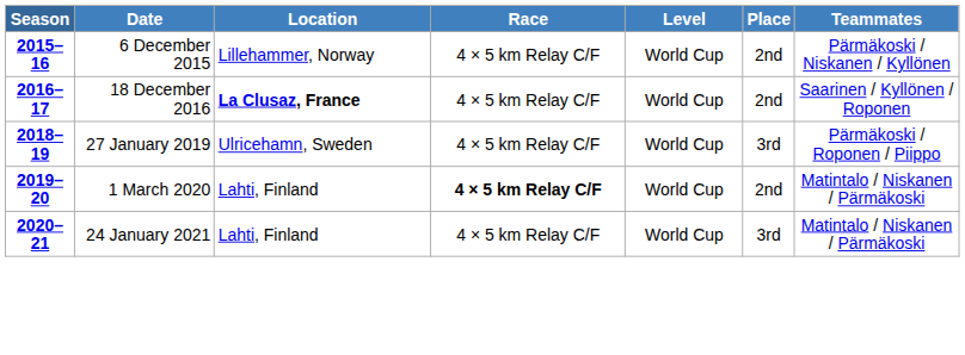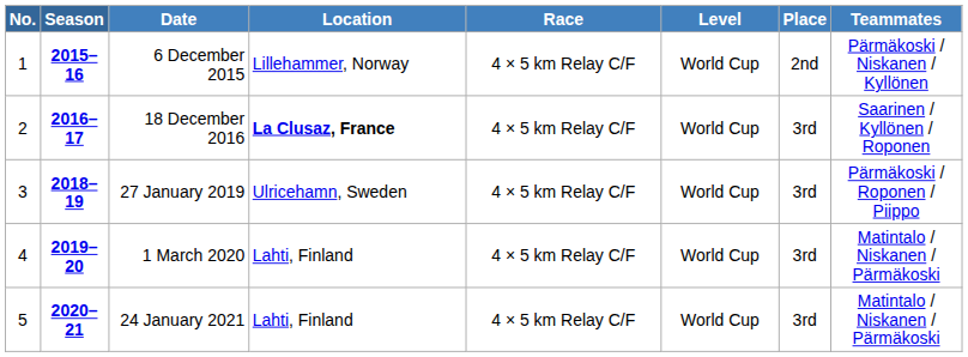 <table class="wikitable sortable" style="font-size:95%; text-align:center; border:grey solid 1px; border-collapse:collapse; background:#ffffff;">
 <tr style="background:#efefef;">
+<th style="background-color:#369; color:white;">No.</th>
 <th style="background-color:#369; color:white;">Season</th>
 <th style="background-color:#4180be; color:white; width:120px;">Date</th>
 <th style="background-color:#4180be; color:white; width:190px;">Location</th>
 <th style="background-color:#4180be; color:white; width:170px;">Race</th>
 <th style="background-color:#4180be; color:white; width:100px;">Level</th>
 <th style="background-color:#4180be; color:white;">Place</th>
 <th style="background-color:#4180be; color:white;">Teammates</th>
 </tr>
 <tr>
+<td align=center>1</td>
 <td rowspan=1 align=center><strong><a href='#'>2015–16</a></strong></td>
 <td align=right>6 December 2015</td>
 <td align=left> <a href='#'>Lillehammer</a>, Norway</td>
 <td>4 × 5 km Relay C/F</td>
 <td>World Cup</td>
 <td>2nd</td>
 <td><a href='#'>Pärmäkoski</a> / <a href='#'>Niskanen</a> / <a href='#'>Kyllönen</a></td>
 </tr>
 <tr>
+<td align=center>2</td>
 <td rowspan=1 align=center><strong><a href='#'>2016–17</a></strong></td>
 <td align=right>18 December 2016</td>
 <td align=left><strong> <a href='#'>La Clusaz</a>, France</strong></td>
 <td>4 × 5 km Relay C/F</td>
 <td>World Cup</td>
-<td>2nd</td>
+<td>3rd</td>
 <td><a href='#'>Saarinen</a> / <a href='#'>Kyllönen</a> / <a href='#'>Roponen</a></td>
 </tr>
 <tr>
+<td align=center>3</td>
 <td rowspan=1 align=center><strong><a href='#'>2018–19</a></strong></td>
 <td align=right>27 January 2019</td>
 <td align=left> <a href='#'>Ulricehamn</a>, Sweden</td>
 <td>4 × 5 km Relay C/F</td>
 <td>World Cup</td>
 <td>3rd</td>
 <td><a href='#'>Pärmäkoski</a> / <a href='#'>Roponen</a> / <a href='#'>Piippo</a></td>
 </tr>
 <tr>
+<td align=center>4</td>
 <td rowspan=1 align=center><strong><a href='#'>2019–20</a></strong></td>
 <td align=right>1 March 2020</td>
 <td align=left> <a href='#'>Lahti</a>, Finland</td>
-<td><strong>4 × 5 km Relay C/F</strong></td>
+<td>4 × 5 km Relay C/F</td>
 <td>World Cup</td>
-<td>2nd</td>
+<td>3rd</td>
 <td><a href='#'>Matintalo</a> / <a href='#'>Niskanen</a> / <a href='#'>Pärmäkoski</a></td>
 </tr>
 <tr>
+<td align=center>5</td>
 <td rowspan=1 align=center><strong><a href='#'>2020–21</a></strong></td>
 <td align=right>24 January 2021</td>
 <td align=left> <a href='#'>Lahti</a>, Finland</td>
 <td>4 × 5 km Relay C/F</td>
 <td>World Cup</td>
 <td>3rd</td>
 <td><a href='#'>Matintalo</a> / <a href='#'>Niskanen</a> / <a href='#'>Pärmäkoski</a></td>
 </tr>
 </table>
